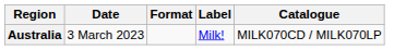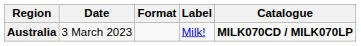 <table class="wikitable plainrowheaders">
 <tr>
 <th scope="col">Region</th>
 <th scope="col">Date</th>
 <th scope="col">Format</th>
 <th scope="col">Label</th>
 <th scope="col">Catalogue</th>
 </tr>
 <tr>
 <th scope="row">Australia</th>
 <td>3 March 2023</td>
 <td rowspan="2"></td>
 <td><a href='#'>Milk!</a></td>
-<td>MILK070CD / MILK070LP</td>
+<td><strong>MILK070CD / MILK070LP</strong></td>
 </tr>
 </table>
